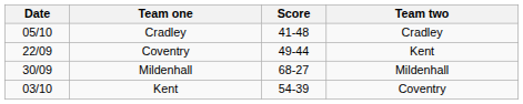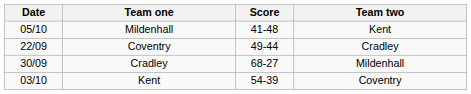 <table class="wikitable" style="text-align: center">
 <tr>
 <th width=80>Date</th>
 <th width=250>Team one</th>
 <th width=80>Score</th>
 <th width=250>Team two</th>
 </tr>
 <tr>
 <td>05/10</td>
-<td>Cradley</td>
+<td>Mildenhall</td>
 <td>41-48</td>
-<td>Cradley</td>
+<td>Kent</td>
 </tr>
 <tr>
 <td>22/09</td>
 <td>Coventry</td>
 <td>49-44</td>
-<td>Kent</td>
+<td>Cradley</td>
 </tr>
 <tr>
 <td>30/09</td>
-<td>Mildenhall</td>
+<td>Cradley</td>
 <td>68-27</td>
 <td>Mildenhall</td>
 </tr>
 <tr>
 <td>03/10</td>
 <td>Kent</td>
 <td>54-39</td>
 <td>Coventry</td>
 </tr>
 </table>
